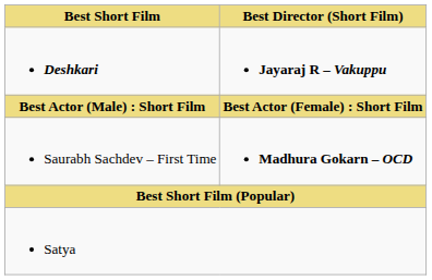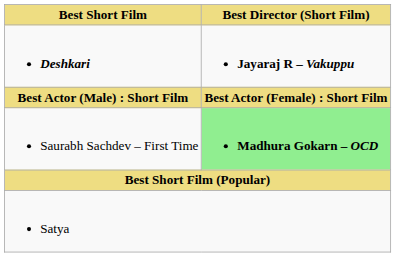 <table class="wikitable">
 <tr>
 <th colspan=1 style="background:#EEDD82;">Best Short Film</th>
 <th colspan=1 style="background:#EEDD82;">Best Director (Short Film)</th>
 </tr>
 <tr>
 <td colspan=1><br><ul><li><strong><em>Deshkari</em></strong></li></ul></td>
 <td colspan=2><br><ul><li><strong>Jayaraj R – <em>Vakuppu<strong><em></li></ul></td>
 </tr>
 <tr>
 <th colspan=1 style="background:#EEDD82;">Best Actor (Male) : Short Film</th>
 <th colspan=1 style="background:#EEDD82;">Best Actor (Female) : Short Film</th>
 </tr>
 <tr>
 <td colspan=1><br><ul><li></strong>Saurabh Sachdev – </em>First Time</em></strong></li></ul></td>
-<td colspan=1><br><ul><li><strong>Madhura Gokarn – <em>OCD<strong><em></li></ul></td>
+<td colspan=1 style="background: lightgreen;"><br><ul><li><strong>Madhura Gokarn – <em>OCD<strong><em></li></ul></td>
 </tr>
 <tr>
 <th colspan="2" style="background:#EEDD82;">Best Short Film (Popular)</th>
 </tr>
 <tr>
 <td colspan="2"; valign="top"><br><ul><li></em></strong>Satya<strong><em></li></ul></td>
 </tr>
 </table>
